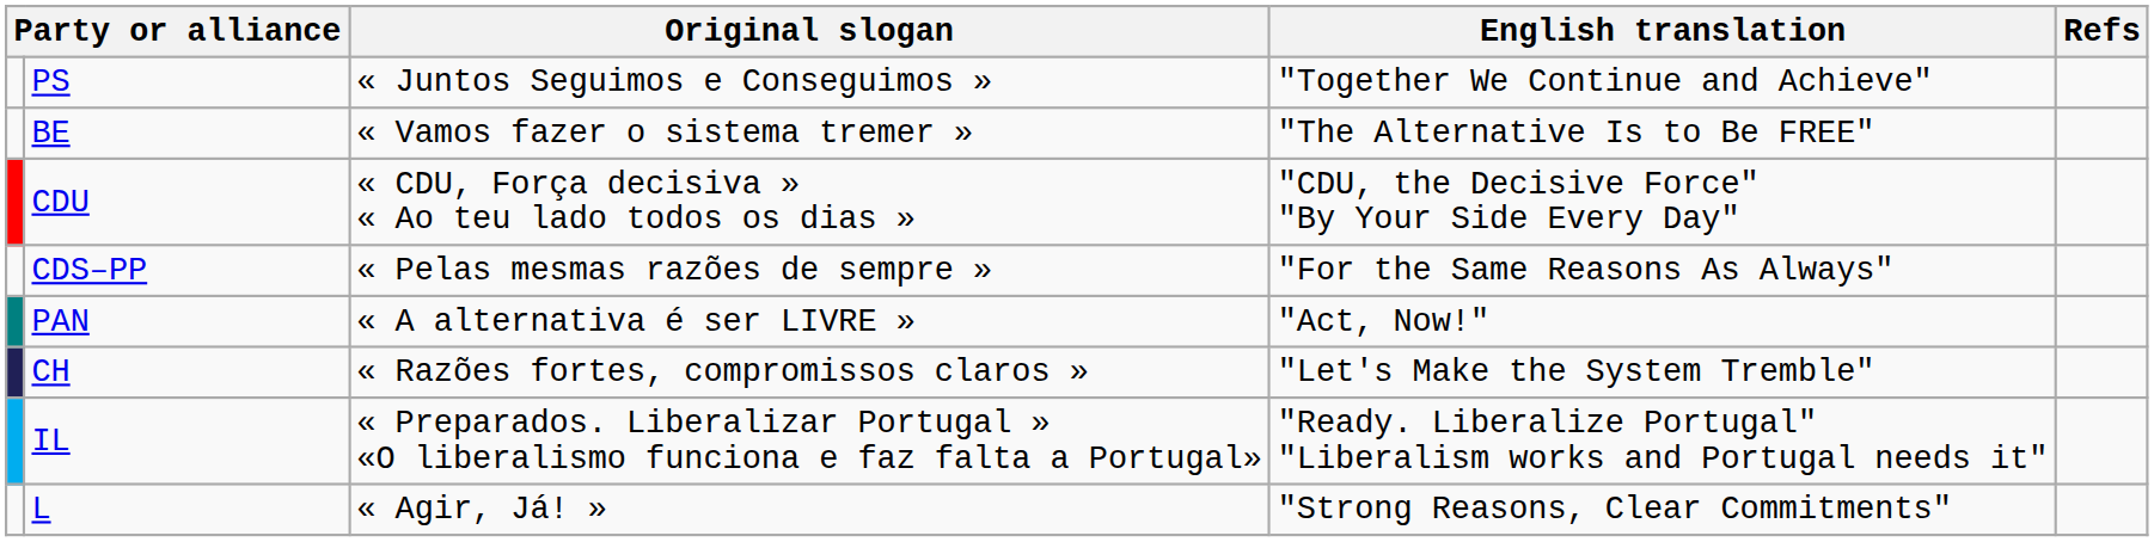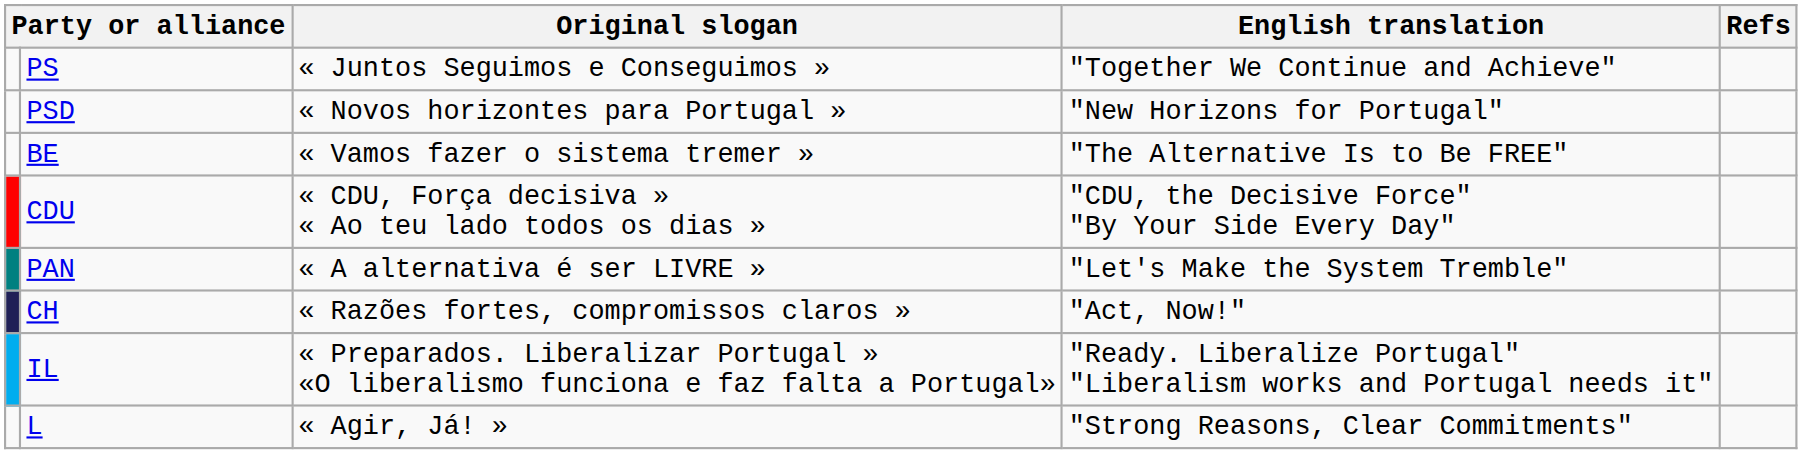 <table class="wikitable" style="font-size:97%; text-align:left;">
 <tr>
 <th style="text-align:left;" colspan="2">Party or alliance</th>
 <th>Original slogan</th>
 <th>English translation</th>
 <th>Refs</th>
 </tr>
 <tr>
 <td width="1"></td>
 <td><a href='#'>PS</a></td>
 <td>« Juntos Seguimos e Conseguimos »</td>
 <td>"Together We Continue and Achieve"</td>
+<td></td>
+</tr>
+<tr>
+<td></td>
+<td><a href='#'>PSD</a></td>
+<td>« Novos horizontes para Portugal »</td>
+<td>"New Horizons for Portugal"</td>
 <td></td>
 </tr>
 <tr>
 <td></td>
 <td><a href='#'>BE</a></td>
 <td>« Vamos fazer o sistema tremer »</td>
 <td>"The Alternative Is to Be FREE"</td>
 <td></td>
 </tr>
 <tr>
 <td bgcolor="#FF0000"></td>
 <td><a href='#'>CDU</a></td>
 <td>« CDU, Força decisiva »<br>« Ao teu lado todos os dias »</td>
 <td>"CDU, the Decisive Force"<br> "By Your Side Every Day"</td>
 <td></td>
 </tr>
 <tr>
-<td></td>
-<td><a href='#'>CDS–PP</a></td>
-<td>« Pelas mesmas razões de sempre »</td>
-<td>"For the Same Reasons As Always"</td>
-<td></td>
-</tr>
-<tr>
 <td style="background:teal;"></td>
 <td><a href='#'>PAN</a></td>
 <td>« A alternativa é ser LIVRE »</td>
-<td>"Act, Now!"</td>
+<td>"Let's Make the System Tremble"</td>
 <td></td>
 </tr>
 <tr>
 <td style="background:#202056;"></td>
 <td><a href='#'>CH</a></td>
 <td>« Razões fortes, compromissos claros »</td>
-<td>"Let's Make the System Tremble"</td>
+<td>"Act, Now!"</td>
 <td></td>
 </tr>
 <tr>
 <td style="background:#00ADEF;"></td>
 <td><a href='#'>IL</a></td>
 <td>« Preparados. Liberalizar Portugal » <br> «O liberalismo funciona e faz falta a Portugal»</td>
 <td>"Ready. Liberalize Portugal" <br> "Liberalism works and Portugal needs it"</td>
 <td> <br> </td>
 </tr>
 <tr>
 <td></td>
 <td><a href='#'>L</a></td>
 <td>« Agir, Já! »</td>
 <td>"Strong Reasons, Clear Commitments"</td>
 <td></td>
 </tr>
 </table>
